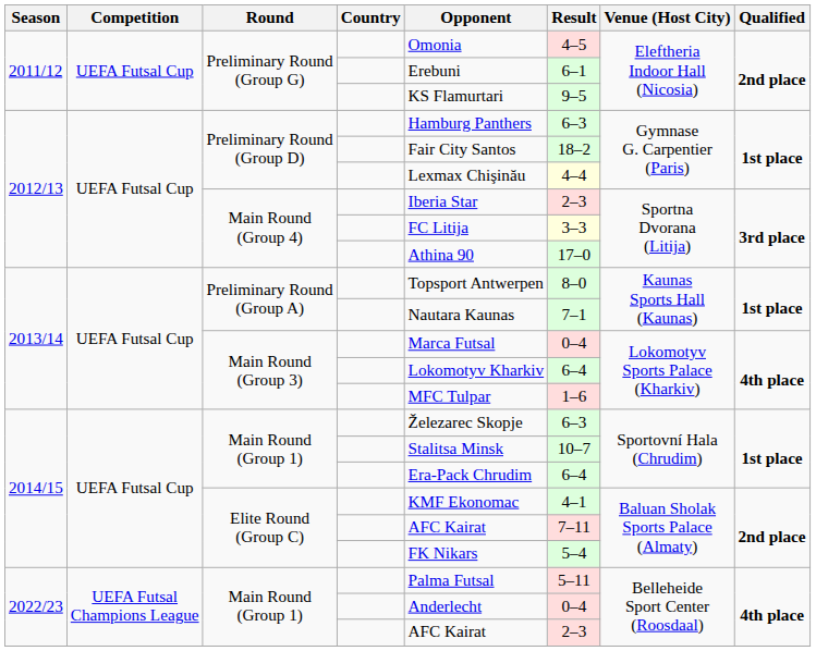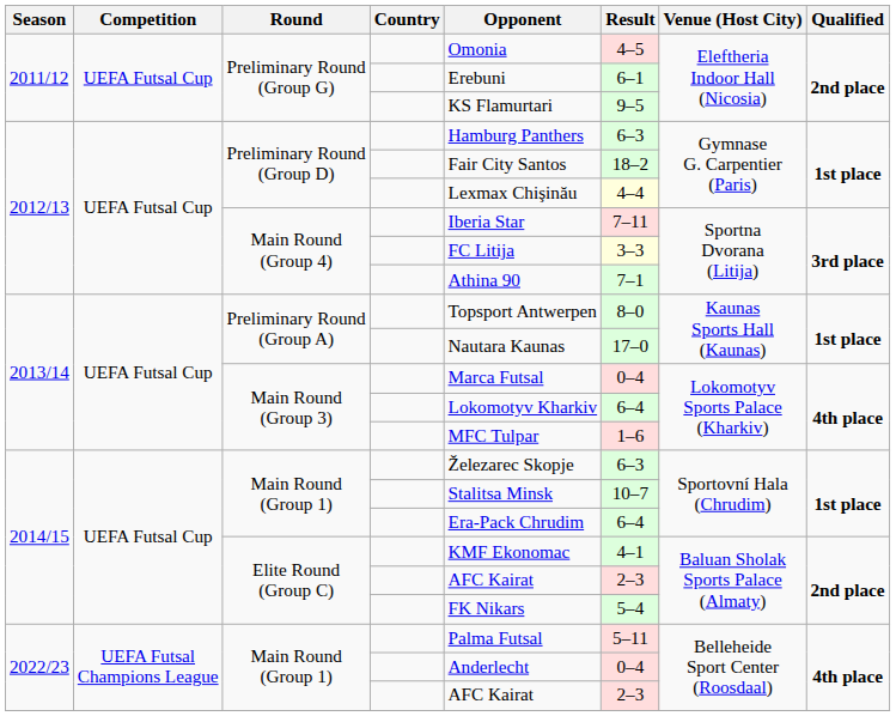 <table class="wikitable">
 <tr>
 <th>Season</th>
 <th>Competition</th>
 <th>Round</th>
 <th>Country</th>
 <th>Opponent</th>
 <th>Result</th>
 <th>Venue (Host City)</th>
 <th>Qualified</th>
 </tr>
 <tr>
 <td rowspan=3><a href='#'>2011/12</a></td>
 <td rowspan=3 align=center><a href='#'>UEFA Futsal Cup</a></td>
 <td rowspan=3 align=center>Preliminary Round<br>(Group G)</td>
 <td align=center></td>
 <td><a href='#'>Omonia</a></td>
 <td style="background:#fdd;" align=center>4–5</td>
 <td rowspan=3 align="center"><a href='#'>Eleftheria<br>Indoor Hall</a><br>(<a href='#'>Nicosia</a>)</td>
 <td rowspan=3 align="center"><br><strong>2nd place</strong></td>
 </tr>
 <tr>
 <td align=center></td>
 <td>Erebuni</td>
 <td style="background:#dfd;" align=center>6–1</td>
 </tr>
 <tr>
 <td align=center></td>
 <td>KS Flamurtari</td>
 <td style="background:#dfd;" align=center>9–5</td>
 </tr>
 <tr>
 <td rowspan=6><a href='#'>2012/13</a></td>
 <td rowspan=6 align=center>UEFA Futsal Cup</td>
 <td rowspan=3 align=center>Preliminary Round<br>(Group D)</td>
 <td align=center></td>
 <td><a href='#'>Hamburg Panthers</a></td>
 <td style="background:#dfd;" align=center>6–3</td>
 <td rowspan=3 align="center">Gymnase<br>G. Carpentier<br>(<a href='#'>Paris</a>)</td>
 <td rowspan=3 align="center"><br><strong>1st place</strong></td>
 </tr>
 <tr>
 <td align=center></td>
 <td>Fair City Santos</td>
 <td style="background:#dfd;" align=center>18–2</td>
 </tr>
 <tr>
 <td align=center></td>
 <td>Lexmax Chişinău</td>
 <td style="background:#ffd;" align=center>4–4</td>
 </tr>
 <tr>
 <td rowspan=3 align=center>Main Round<br>(Group 4)</td>
 <td align=center></td>
 <td><a href='#'>Iberia Star</a></td>
-<td style="background:#fdd;" align=center>2–3</td>
+<td style="background:#fdd;" align=center>7–11</td>
 <td rowspan=3 align="center">Sportna<br>Dvorana<br>(<a href='#'>Litija</a>)</td>
 <td rowspan=3 align="center"><br><strong>3rd place</strong></td>
 </tr>
 <tr>
 <td align=center></td>
 <td><a href='#'>FC Litija</a></td>
 <td style="background:#ffd;" align=center>3–3</td>
 </tr>
 <tr>
 <td align=center></td>
 <td><a href='#'>Athina 90</a></td>
-<td style="background:#dfd;" align=center>17–0</td>
+<td style="background:#dfd;" align=center>7–1</td>
 </tr>
 <tr>
 <td rowspan=5><a href='#'>2013/14</a></td>
 <td rowspan=5 align=center>UEFA Futsal Cup</td>
 <td rowspan=2 align=center>Preliminary Round<br>(Group A)</td>
 <td align=center></td>
 <td>Topsport Antwerpen</td>
 <td style="background:#dfd;" align=center>8–0</td>
 <td rowspan=2 align="center"><a href='#'>Kaunas<br>Sports Hall</a><br>(<a href='#'>Kaunas</a>)</td>
 <td rowspan=2 align="center"><br><strong>1st place</strong></td>
 </tr>
 <tr>
 <td align=center></td>
 <td>Nautara Kaunas</td>
-<td style="background:#dfd;" align=center>7–1</td>
+<td style="background:#dfd;" align=center>17–0</td>
 </tr>
 <tr>
 <td rowspan=3 align=center>Main Round<br>(Group 3)</td>
 <td align=center></td>
 <td><a href='#'>Marca Futsal</a></td>
 <td style="background:#fdd;" align=center>0–4</td>
 <td rowspan=3 align="center"><a href='#'>Lokomotyv<br>Sports Palace</a><br>(<a href='#'>Kharkiv</a>)</td>
 <td rowspan=3 align="center"><br><strong>4th place</strong></td>
 </tr>
 <tr>
 <td align=center></td>
 <td><a href='#'>Lokomotyv Kharkiv</a></td>
 <td style="background:#dfd;" align=center>6–4</td>
 </tr>
 <tr>
 <td align=center></td>
 <td><a href='#'>MFC Tulpar</a></td>
 <td style="background:#fdd;" align=center>1–6</td>
 </tr>
 <tr>
 <td rowspan=6><a href='#'>2014/15</a></td>
 <td rowspan=6 align=center>UEFA Futsal Cup</td>
 <td rowspan=3 align=center>Main Round<br>(Group 1)</td>
 <td align=center></td>
 <td>Železarec Skopje</td>
 <td style="background:#dfd;" align=center>6–3</td>
 <td rowspan=3 align="center">Sportovní Hala<br>(<a href='#'>Chrudim</a>)</td>
 <td rowspan=3 align="center"><br><strong>1st place</strong></td>
 </tr>
 <tr>
 <td align=center></td>
 <td><a href='#'>Stalitsa Minsk</a></td>
 <td style="background:#dfd;" align=center>10–7</td>
 </tr>
 <tr>
 <td align=center></td>
 <td><a href='#'>Era-Pack Chrudim</a></td>
 <td style="background:#dfd;" align=center>6–4</td>
 </tr>
 <tr>
 <td rowspan=3 align=center>Elite Round<br>(Group C)</td>
 <td align=center></td>
 <td><a href='#'>KMF Ekonomac</a></td>
 <td style="background:#dfd;" align=center>4–1</td>
 <td rowspan=3 align="center"><a href='#'>Baluan Sholak<br>Sports Palace</a><br>(<a href='#'>Almaty</a>)</td>
 <td rowspan=3 align="center"><br><strong>2nd place</strong></td>
 </tr>
 <tr>
 <td align=center></td>
 <td><a href='#'>AFC Kairat</a></td>
-<td style="background:#fdd;" align=center>7–11</td>
+<td style="background:#fdd;" align=center>2–3</td>
 </tr>
 <tr>
 <td align=center></td>
 <td><a href='#'>FK Nikars</a></td>
 <td style="background:#dfd;" align=center>5–4</td>
 </tr>
 <tr>
 <td rowspan=3><a href='#'>2022/23</a></td>
 <td rowspan=3 align=center><a href='#'>UEFA Futsal<br>Champions League</a></td>
 <td rowspan=3 align=center>Main Round<br>(Group 1)</td>
 <td align=center></td>
 <td><a href='#'>Palma Futsal</a></td>
 <td style="background:#fdd;" align=center>5–11</td>
 <td rowspan=3 align="center">Belleheide<br>Sport Center<br>(<a href='#'>Roosdaal</a>)</td>
 <td rowspan=3 align="center"><br><strong>4th place</strong></td>
 </tr>
 <tr>
 <td align=center></td>
 <td><a href='#'>Anderlecht</a></td>
 <td style="background:#fdd;" align=center>0–4</td>
 </tr>
 <tr>
 <td align=center></td>
 <td>AFC Kairat</td>
 <td style="background:#fdd;" align=center>2–3</td>
 </tr>
 <tr>
 </tr>
 </table>
